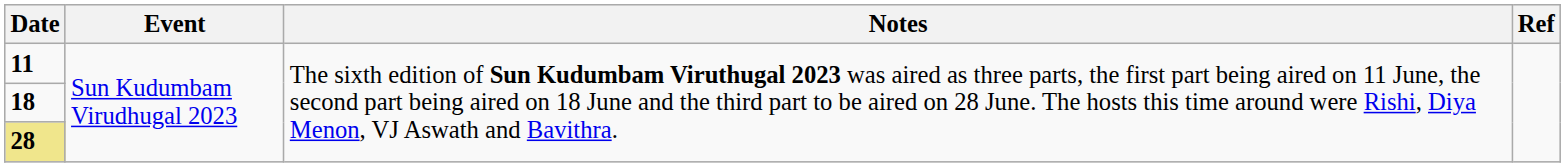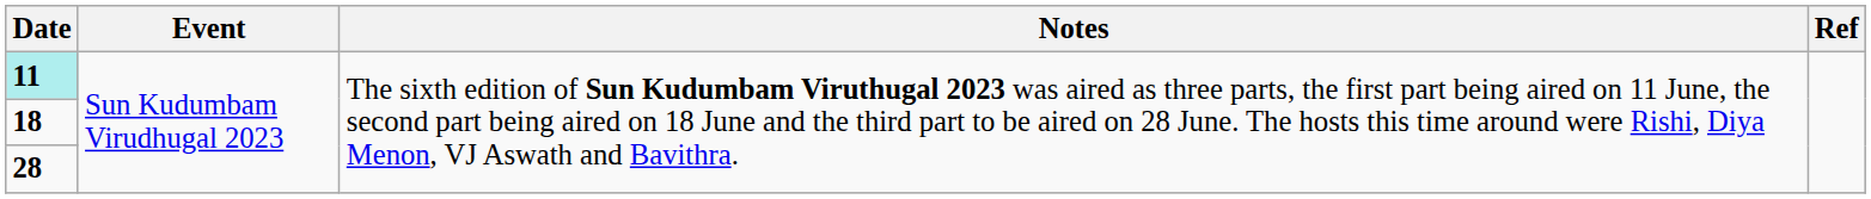 <table class="wikitable" width="80%">
 <tr>
 <th>Date</th>
 <th>Event</th>
 <th>Notes</th>
 <th>Ref</th>
 </tr>
 <tr>
-<td><strong>11</strong></td>
+<td style="background: paleturquoise;"><strong>11</strong></td>
 <td rowspan="3"><a href='#'>Sun Kudumbam Virudhugal 2023</a></td>
 <td rowspan="3">The sixth edition of <strong>Sun Kudumbam Viruthugal 2023</strong> was aired as three parts, the first part being aired on 11 June, the second part being aired on 18 June and the third part to be aired on 28 June. The hosts this time around were <a href='#'>Rishi</a>, <a href='#'>Diya Menon</a>, VJ Aswath and <a href='#'>Bavithra</a>.</td>
 <td rowspan="3"></td>
 </tr>
 <tr>
 <td><strong>18</strong></td>
 </tr>
 <tr>
-<td style="background: khaki;"><strong>28</strong></td>
+<td><strong>28</strong></td>
 </tr>
 </table>
